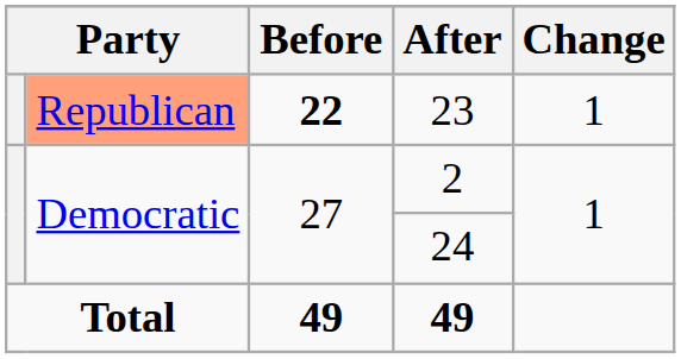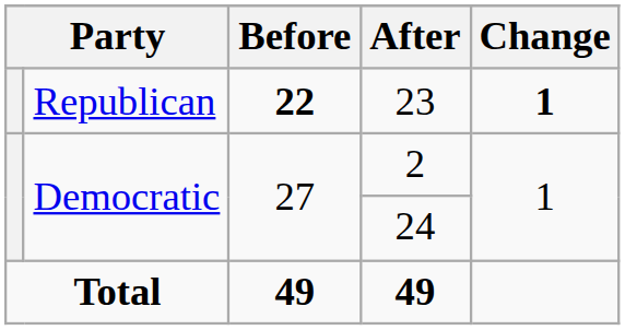 <table class="wikitable" style="text-align:center;">
 <tr>
 </tr>
 <tr>
 <th colspan=2>Party</th>
 <th>Before</th>
 <th>After</th>
 <th>Change</th>
 </tr>
 <tr>
 <th style="background-color:"></th>
-<td style="background: lightsalmon; text-align:left;"><a href='#'>Republican</a></td>
+<td style="text-align:left;"><a href='#'>Republican</a></td>
 <td><strong>22</strong></td>
 <td>23</td>
-<td> 1</td>
+<td><strong> 1</strong></td>
 </tr>
 <tr>
 <th rowspan=2 style="background-color:"></th>
 <td rowspan=2 style="text-align:left;"><a href='#'>Democratic</a></td>
 <td rowspan=2 >27</td>
 <td>2</td>
 <td rowspan=2> 1</td>
 </tr>
 <tr>
 <td>24</td>
 </tr>
 <tr>
 <td colspan=2><strong>Total</strong></td>
 <td><strong>49</strong></td>
 <td><strong>49</strong></td>
 <td></td>
 </tr>
 </table>
